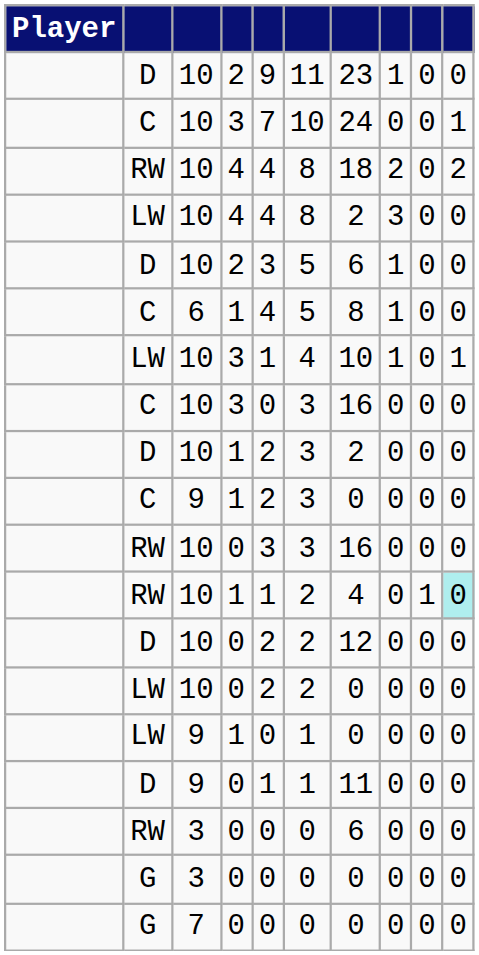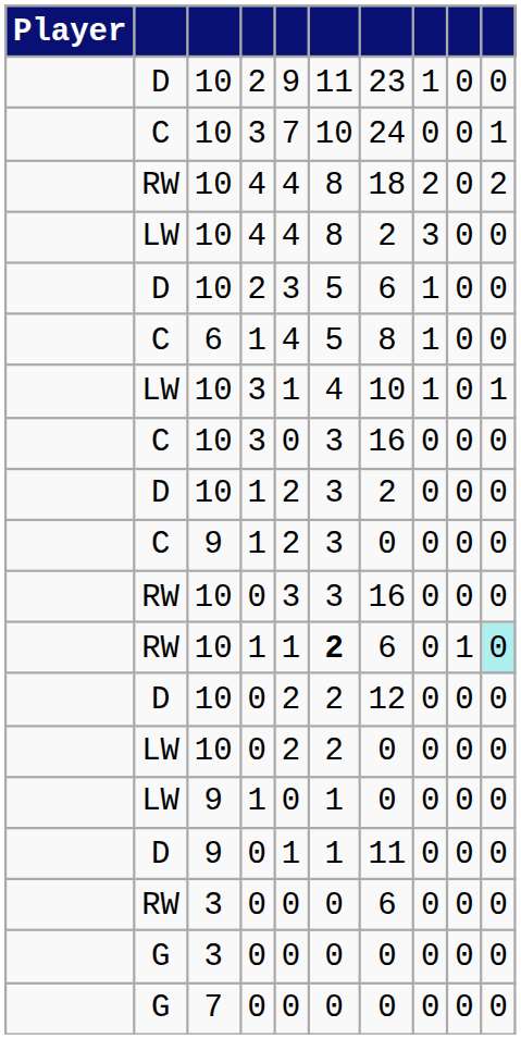 <table class="wikitable sortable">
 <tr align=center>
 <th style="color:white; background:#081073; ">Player</th>
 <th style="color:white; background:#081073; "></th>
 <th style="color:white; background:#081073; "></th>
 <th style="color:white;background:#081073; "></th>
 <th style="color:white;background:#081073; "></th>
 <th style="color:white;background:#081073; "></th>
 <th style="color:white;background:#081073; "></th>
 <th style="color:white;background:#081073; "></th>
 <th style="color:white;background:#081073; "></th>
 <th style="color:white;background:#081073; "></th>
 </tr>
 <tr align="center">
 <td align="right"></td>
 <td>D</td>
 <td>10</td>
 <td>2</td>
 <td>9</td>
 <td>11</td>
 <td>23</td>
 <td>1</td>
 <td>0</td>
 <td>0</td>
 </tr>
 <tr align="center">
 <td align="right"></td>
 <td>C</td>
 <td>10</td>
 <td>3</td>
 <td>7</td>
 <td>10</td>
 <td>24</td>
 <td>0</td>
 <td>0</td>
 <td>1</td>
 </tr>
 <tr align="center">
 <td align="right"></td>
 <td>RW</td>
 <td>10</td>
 <td>4</td>
 <td>4</td>
 <td>8</td>
 <td>18</td>
 <td>2</td>
 <td>0</td>
 <td>2</td>
 </tr>
 <tr align="center">
 <td align="right"></td>
 <td>LW</td>
 <td>10</td>
 <td>4</td>
 <td>4</td>
 <td>8</td>
 <td>2</td>
 <td>3</td>
 <td>0</td>
 <td>0</td>
 </tr>
 <tr align="center">
 <td align="right"></td>
 <td>D</td>
 <td>10</td>
 <td>2</td>
 <td>3</td>
 <td>5</td>
 <td>6</td>
 <td>1</td>
 <td>0</td>
 <td>0</td>
 </tr>
 <tr align="center">
 <td align="right"></td>
 <td>C</td>
 <td>6</td>
 <td>1</td>
 <td>4</td>
 <td>5</td>
 <td>8</td>
 <td>1</td>
 <td>0</td>
 <td>0</td>
 </tr>
 <tr align="center">
 <td align="right"></td>
 <td>LW</td>
 <td>10</td>
 <td>3</td>
 <td>1</td>
 <td>4</td>
 <td>10</td>
 <td>1</td>
 <td>0</td>
 <td>1</td>
 </tr>
 <tr align="center">
 <td align="right"></td>
 <td>C</td>
 <td>10</td>
 <td>3</td>
 <td>0</td>
 <td>3</td>
 <td>16</td>
 <td>0</td>
 <td>0</td>
 <td>0</td>
 </tr>
 <tr align="center">
 <td align="right"></td>
 <td>D</td>
 <td>10</td>
 <td>1</td>
 <td>2</td>
 <td>3</td>
 <td>2</td>
 <td>0</td>
 <td>0</td>
 <td>0</td>
 </tr>
 <tr align="center">
 <td align="right"></td>
 <td>C</td>
 <td>9</td>
 <td>1</td>
 <td>2</td>
 <td>3</td>
 <td>0</td>
 <td>0</td>
 <td>0</td>
 <td>0</td>
 </tr>
 <tr align="center">
 <td align="right"></td>
 <td>RW</td>
 <td>10</td>
 <td>0</td>
 <td>3</td>
 <td>3</td>
 <td>16</td>
 <td>0</td>
 <td>0</td>
 <td>0</td>
 </tr>
 <tr align="center">
 <td align="right"></td>
 <td>RW</td>
 <td>10</td>
 <td>1</td>
 <td>1</td>
-<td>2</td>
-<td>4</td>
+<td><strong>2</strong></td>
+<td>6</td>
 <td>0</td>
 <td>1</td>
 <td style="background: paleturquoise;">0</td>
 </tr>
 <tr align="center">
 <td align="right"></td>
 <td>D</td>
 <td>10</td>
 <td>0</td>
 <td>2</td>
 <td>2</td>
 <td>12</td>
 <td>0</td>
 <td>0</td>
 <td>0</td>
 </tr>
 <tr align="center">
 <td align="right"></td>
 <td>LW</td>
 <td>10</td>
 <td>0</td>
 <td>2</td>
 <td>2</td>
 <td>0</td>
 <td>0</td>
 <td>0</td>
 <td>0</td>
 </tr>
 <tr align="center">
 <td align="right"></td>
 <td>LW</td>
 <td>9</td>
 <td>1</td>
 <td>0</td>
 <td>1</td>
 <td>0</td>
 <td>0</td>
 <td>0</td>
 <td>0</td>
 </tr>
 <tr align="center">
 <td align="right"></td>
 <td>D</td>
 <td>9</td>
 <td>0</td>
 <td>1</td>
 <td>1</td>
 <td>11</td>
 <td>0</td>
 <td>0</td>
 <td>0</td>
 </tr>
 <tr align="center">
 <td align="right"></td>
 <td>RW</td>
 <td>3</td>
 <td>0</td>
 <td>0</td>
 <td>0</td>
 <td>6</td>
 <td>0</td>
 <td>0</td>
 <td>0</td>
 </tr>
 <tr align="center">
 <td align="right"></td>
 <td>G</td>
 <td>3</td>
 <td>0</td>
 <td>0</td>
 <td>0</td>
 <td>0</td>
 <td>0</td>
 <td>0</td>
 <td>0</td>
 </tr>
 <tr align="center">
 <td align="right"></td>
 <td>G</td>
 <td>7</td>
 <td>0</td>
 <td>0</td>
 <td>0</td>
 <td>0</td>
 <td>0</td>
 <td>0</td>
 <td>0</td>
 </tr>
 </table>
